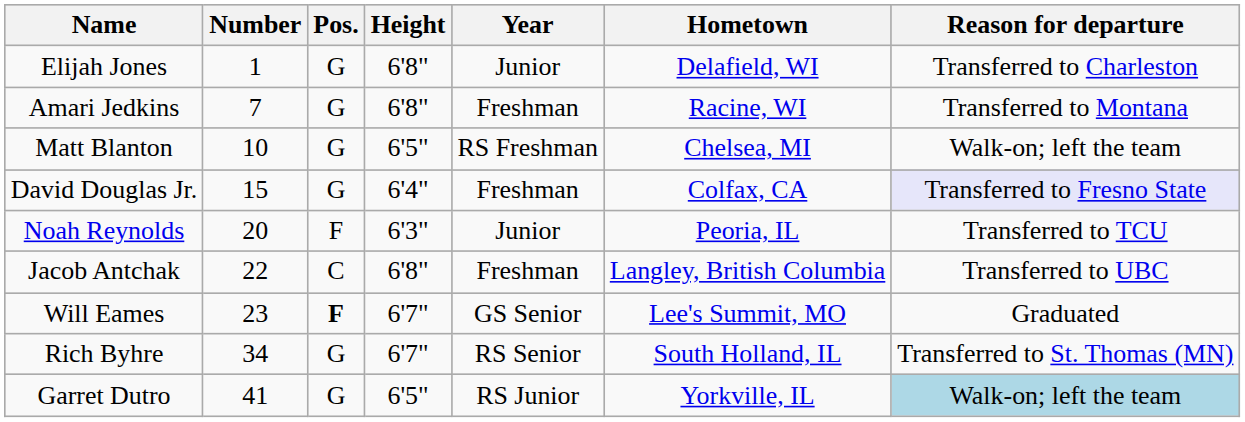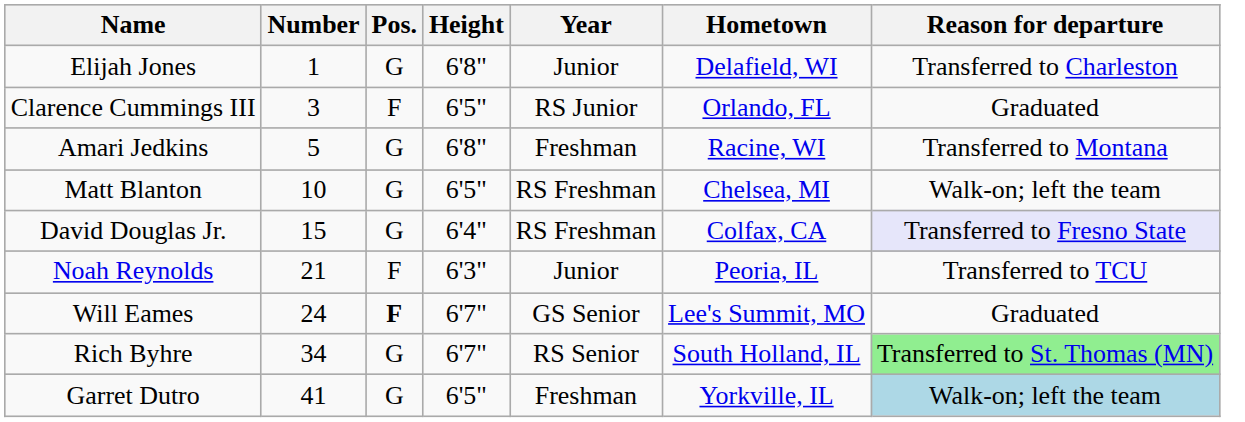 <table class="wikitable sortable sortable" style="text-align:center">
 <tr align=center>
 <th>Name</th>
 <th>Number</th>
 <th>Pos.</th>
 <th>Height</th>
 <th>Year</th>
 <th>Hometown</th>
 <th class="unsortable">Reason for departure</th>
 </tr>
 <tr>
 <td>Elijah Jones</td>
 <td>1</td>
 <td>G</td>
 <td>6'8"</td>
 <td>Junior</td>
 <td><a href='#'>Delafield, WI</a></td>
 <td>Transferred to <a href='#'>Charleston</a></td>
 </tr>
 <tr>
+<td>Clarence Cummings III</td>
+<td>3</td>
+<td>F</td>
+<td>6'5"</td>
+<td>RS Junior</td>
+<td><a href='#'>Orlando, FL</a></td>
+<td>Graduated</td>
+</tr>
+<tr>
 <td>Amari Jedkins</td>
-<td>7</td>
+<td>5</td>
 <td>G</td>
 <td>6'8"</td>
 <td>Freshman</td>
 <td><a href='#'>Racine, WI</a></td>
 <td>Transferred to <a href='#'>Montana</a></td>
 </tr>
 <tr>
 <td>Matt Blanton</td>
 <td>10</td>
 <td>G</td>
 <td>6'5"</td>
 <td>RS Freshman</td>
 <td><a href='#'>Chelsea, MI</a></td>
 <td>Walk-on; left the team</td>
 </tr>
 <tr>
 <td>David Douglas Jr.</td>
 <td>15</td>
 <td>G</td>
 <td>6'4"</td>
-<td>Freshman</td>
+<td>RS Freshman</td>
 <td><a href='#'>Colfax, CA</a></td>
 <td style="background: lavender;">Transferred to <a href='#'>Fresno State</a></td>
 </tr>
 <tr>
 <td><a href='#'>Noah Reynolds</a></td>
-<td>20</td>
+<td>21</td>
 <td>F</td>
 <td>6'3"</td>
 <td>Junior</td>
 <td><a href='#'>Peoria, IL</a></td>
 <td>Transferred to <a href='#'>TCU</a></td>
 </tr>
 <tr>
-<td>Jacob Antchak</td>
-<td>22</td>
-<td>C</td>
-<td>6'8"</td>
-<td>Freshman</td>
-<td><a href='#'>Langley, British Columbia</a></td>
-<td>Transferred to <a href='#'>UBC</a></td>
-</tr>
-<tr>
 <td>Will Eames</td>
-<td>23</td>
+<td>24</td>
 <td><strong>F</strong></td>
 <td>6'7"</td>
 <td>GS Senior</td>
 <td><a href='#'>Lee's Summit, MO</a></td>
 <td>Graduated</td>
 </tr>
 <tr>
 <td>Rich Byhre</td>
 <td>34</td>
 <td>G</td>
 <td>6'7"</td>
 <td>RS Senior</td>
 <td><a href='#'>South Holland, IL</a></td>
-<td>Transferred to <a href='#'>St. Thomas (MN)</a></td>
+<td style="background: lightgreen;">Transferred to <a href='#'>St. Thomas (MN)</a></td>
 </tr>
 <tr>
 <td>Garret Dutro</td>
 <td>41</td>
 <td>G</td>
 <td>6'5"</td>
-<td>RS Junior</td>
+<td>Freshman</td>
 <td><a href='#'>Yorkville, IL</a></td>
 <td style="background: lightblue;">Walk-on; left the team</td>
 </tr>
 </table>
